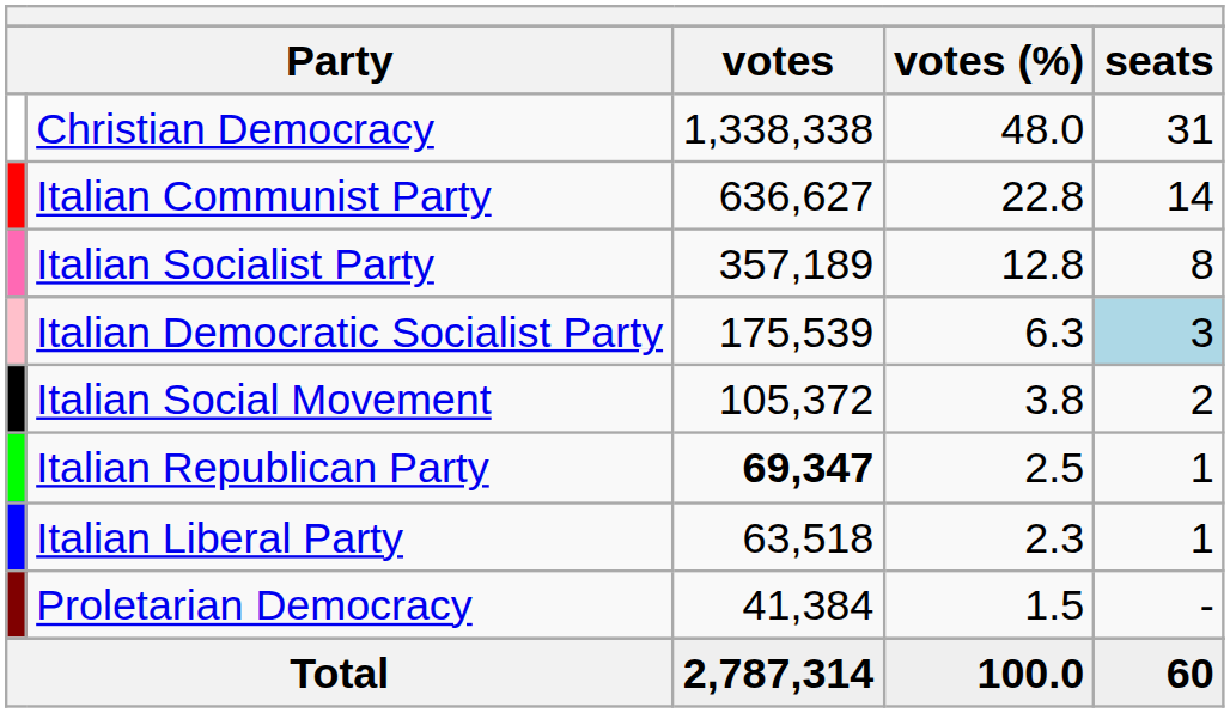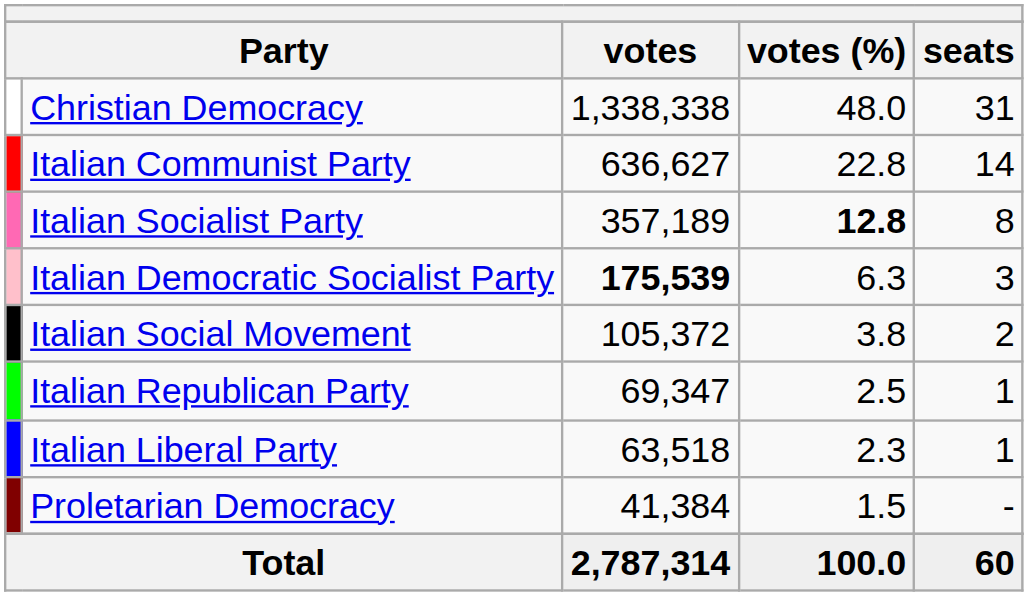 <table class="wikitable" style="font-size:95%">
 <tr>
 <th colspan="5"></th>
 </tr>
 <tr>
 </tr>
 <tr bgcolor="EFEFEF">
 <th colspan=2>Party</th>
 <th>votes</th>
 <th>votes (%)</th>
 <th>seats</th>
 </tr>
 <tr>
 <td bgcolor=white></td>
 <td><a href='#'>Christian Democracy</a></td>
 <td align=right>1,338,338</td>
 <td align=right>48.0</td>
 <td align=right>31</td>
 </tr>
 <tr>
 <td bgcolor=red></td>
 <td><a href='#'>Italian Communist Party</a></td>
 <td align=right>636,627</td>
 <td align=right>22.8</td>
 <td align=right>14</td>
 </tr>
 <tr>
 <td bgcolor=hotpink></td>
 <td><a href='#'>Italian Socialist Party</a></td>
 <td align=right>357,189</td>
-<td align=right>12.8</td>
+<td align=right><strong>12.8</strong></td>
 <td align=right>8</td>
 </tr>
 <tr>
 <td bgcolor=pink></td>
 <td><a href='#'>Italian Democratic Socialist Party</a></td>
-<td align=right>175,539</td>
+<td align=right><strong>175,539</strong></td>
 <td align=right>6.3</td>
-<td align=right style="background: lightblue;">3</td>
+<td align=right>3</td>
 </tr>
 <tr>
 <td bgcolor=black></td>
 <td><a href='#'>Italian Social Movement</a></td>
 <td align=right>105,372</td>
 <td align=right>3.8</td>
 <td align=right>2</td>
 </tr>
 <tr>
 <td bgcolor=lime></td>
 <td><a href='#'>Italian Republican Party</a></td>
-<td align=right><strong>69,347</strong></td>
+<td align=right>69,347</td>
 <td align=right>2.5</td>
 <td align=right>1</td>
 </tr>
 <tr>
 <td bgcolor=blue></td>
 <td><a href='#'>Italian Liberal Party</a></td>
 <td align=right>63,518</td>
 <td align=right>2.3</td>
 <td align=right>1</td>
 </tr>
 <tr>
 <td bgcolor=maroon></td>
 <td><a href='#'>Proletarian Democracy</a></td>
 <td align=right>41,384</td>
 <td align=right>1.5</td>
 <td align=right>-</td>
 </tr>
 <tr>
 </tr>
 <tr bgcolor="EFEFEF">
 <th colspan=2><strong>Total</strong></th>
 <td align=right><strong>2,787,314</strong></td>
 <td align=right><strong>100.0</strong></td>
 <td align=right><strong>60</strong></td>
 </tr>
 </table>
